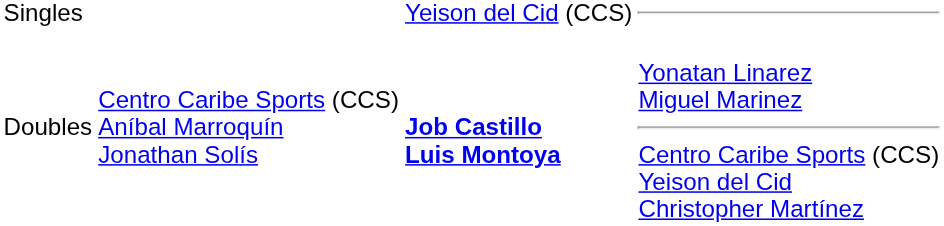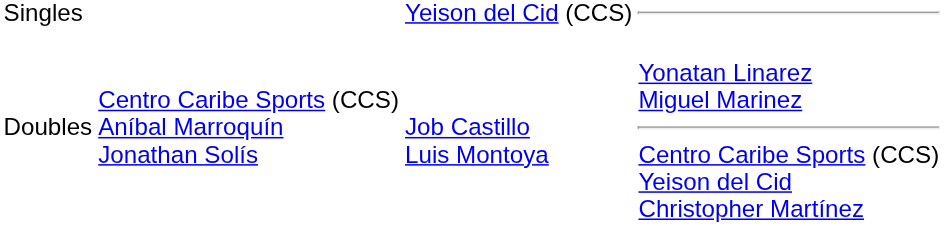 <table>
 <tr>
 <td>Singles</td>
 <td></td>
 <td><a href='#'>Yeison del Cid</a> (CCS)</td>
 <td><hr></td>
 </tr>
 <tr>
 <td>Doubles</td>
 <td><a href='#'>Centro Caribe Sports</a> (CCS)<br><a href='#'>Aníbal Marroquín</a><br><a href='#'>Jonathan Solís</a></td>
-<td><strong><br><a href='#'>Job Castillo</a><br><a href='#'>Luis Montoya</a></strong></td>
+<td><br><a href='#'>Job Castillo</a><br><a href='#'>Luis Montoya</a></td>
 <td><br><a href='#'>Yonatan Linarez</a><br><a href='#'>Miguel Marinez</a><hr><a href='#'>Centro Caribe Sports</a> (CCS)<br><a href='#'>Yeison del Cid</a><br><a href='#'>Christopher Martínez</a></td>
 </tr>
 </table>
